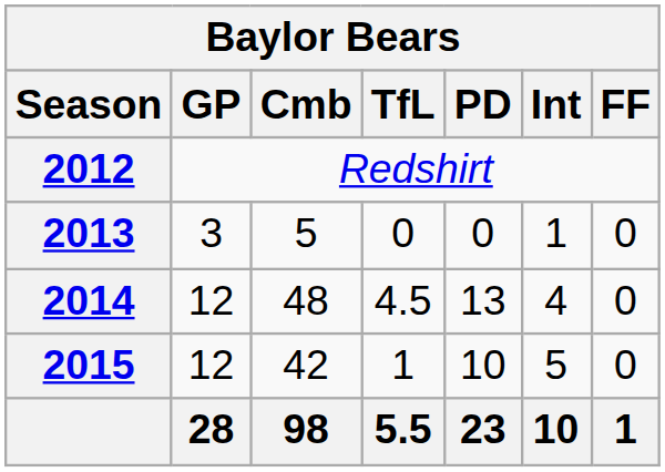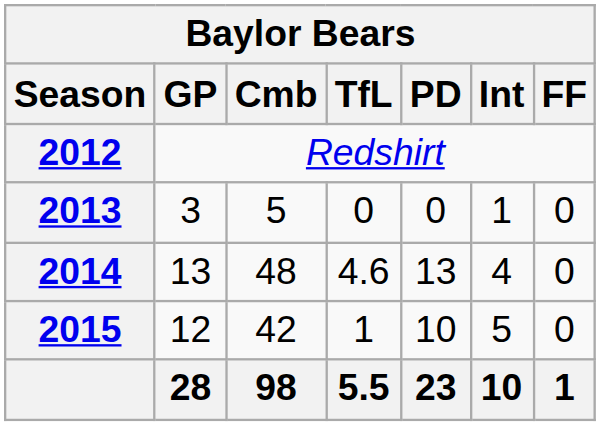 <table class="wikitable" style="text-align:center;">
 <tr>
 <th colspan="7">Baylor Bears</th>
 </tr>
 <tr>
 <th>Season</th>
 <th>GP</th>
 <th>Cmb</th>
 <th>TfL</th>
 <th>PD</th>
 <th>Int</th>
 <th>FF</th>
 </tr>
 <tr>
 <th><a href='#'>2012</a></th>
 <td colspan="6"> <em><a href='#'>Redshirt</a></em></td>
 </tr>
 <tr>
 <th><a href='#'>2013</a></th>
 <td>3</td>
 <td>5</td>
 <td>0</td>
 <td>0</td>
 <td>1</td>
 <td>0</td>
 </tr>
 <tr>
 <th><a href='#'>2014</a></th>
-<td>12</td>
+<td>13</td>
 <td>48</td>
-<td>4.5</td>
+<td>4.6</td>
 <td>13</td>
 <td>4</td>
 <td>0</td>
 </tr>
 <tr>
 <th><a href='#'>2015</a></th>
 <td>12</td>
 <td>42</td>
 <td>1</td>
 <td>10</td>
 <td>5</td>
 <td>0</td>
 </tr>
 <tr>
 <th></th>
 <th>28</th>
 <th>98</th>
 <th>5.5</th>
 <th>23</th>
 <th>10</th>
 <th>1</th>
 </tr>
 </table>
